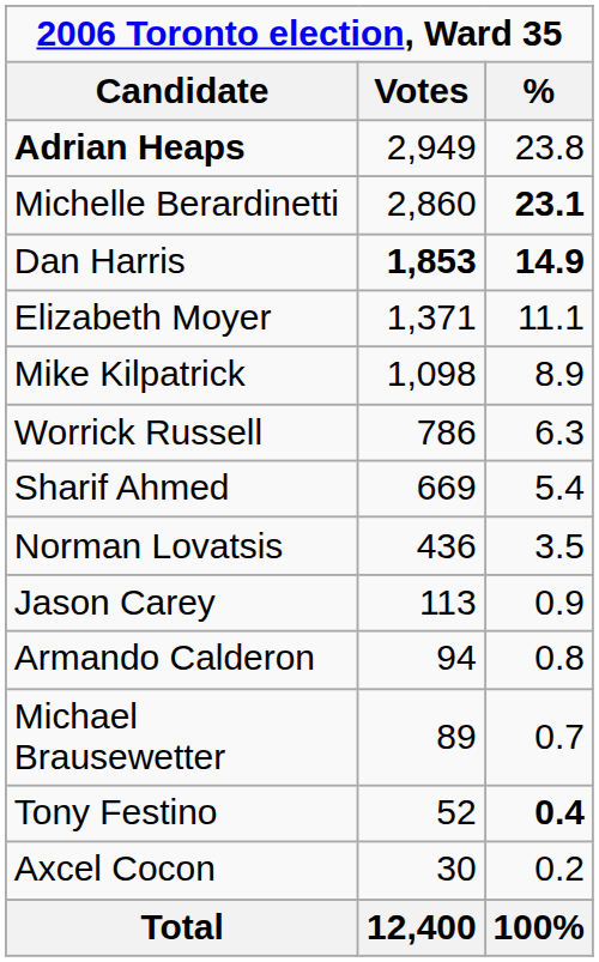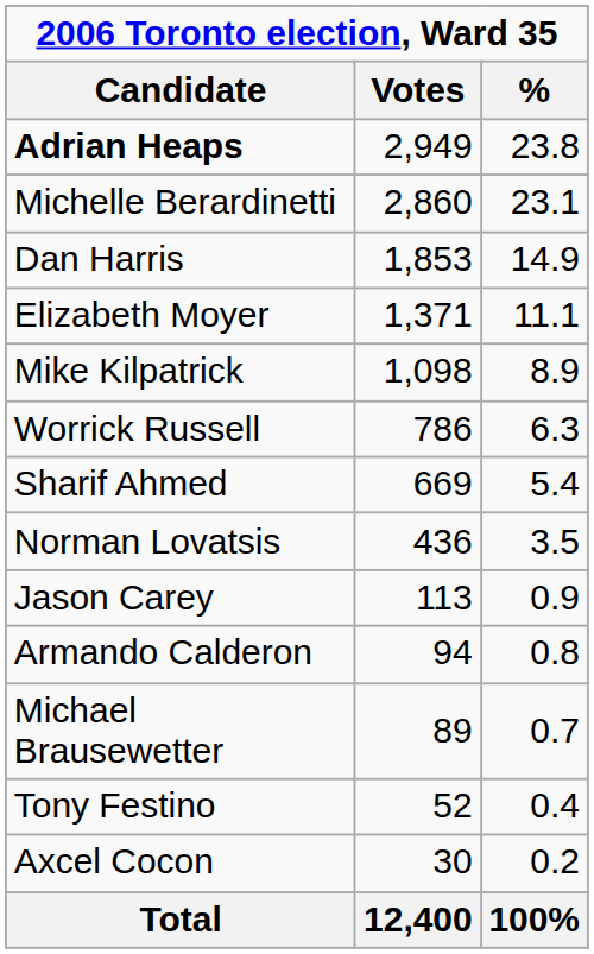 <table class="wikitable">
 <tr>
 <td Colspan="3" align="center"><strong><a href='#'>2006 Toronto election</a>, Ward 35</strong></td>
 </tr>
 <tr>
 <th bgcolor="#DDDDFF" width="150px">Candidate</th>
 <th bgcolor="#DDDDFF">Votes</th>
 <th bgcolor="#DDDDFF">%</th>
 </tr>
 <tr>
 <td><strong>Adrian Heaps</strong></td>
 <td align=right>2,949</td>
 <td align=right>23.8</td>
 </tr>
 <tr>
 <td>Michelle Berardinetti</td>
 <td align=right>2,860</td>
-<td align=right><strong>23.1</strong></td>
+<td align=right>23.1</td>
 </tr>
 <tr>
 <td>Dan Harris</td>
-<td align=right><strong>1,853</strong></td>
-<td align=right><strong>14.9</strong></td>
+<td align=right>1,853</td>
+<td align=right>14.9</td>
 </tr>
 <tr>
 <td>Elizabeth Moyer</td>
 <td align=right>1,371</td>
 <td align=right>11.1</td>
 </tr>
 <tr>
 <td>Mike Kilpatrick</td>
 <td align=right>1,098</td>
 <td align=right>8.9</td>
 </tr>
 <tr>
 <td>Worrick Russell</td>
 <td align=right>786</td>
 <td align=right>6.3</td>
 </tr>
 <tr>
 <td>Sharif Ahmed</td>
 <td align=right>669</td>
 <td align=right>5.4</td>
 </tr>
 <tr>
 <td>Norman Lovatsis</td>
 <td align=right>436</td>
 <td align=right>3.5</td>
 </tr>
 <tr>
 <td>Jason Carey</td>
 <td align=right>113</td>
 <td align=right>0.9</td>
 </tr>
 <tr>
 <td>Armando Calderon</td>
 <td align=right>94</td>
 <td align=right>0.8</td>
 </tr>
 <tr>
 <td>Michael Brausewetter</td>
 <td align=right>89</td>
 <td align=right>0.7</td>
 </tr>
 <tr>
 <td>Tony Festino</td>
 <td align=right>52</td>
-<td align=right><strong>0.4</strong></td>
+<td align=right>0.4</td>
 </tr>
 <tr>
 <td>Axcel Cocon</td>
 <td align=right>30</td>
 <td align=right>0.2</td>
 </tr>
 <tr>
 <th>Total</th>
 <th align=right>12,400</th>
 <th align=right>100%</th>
 </tr>
 </table>
